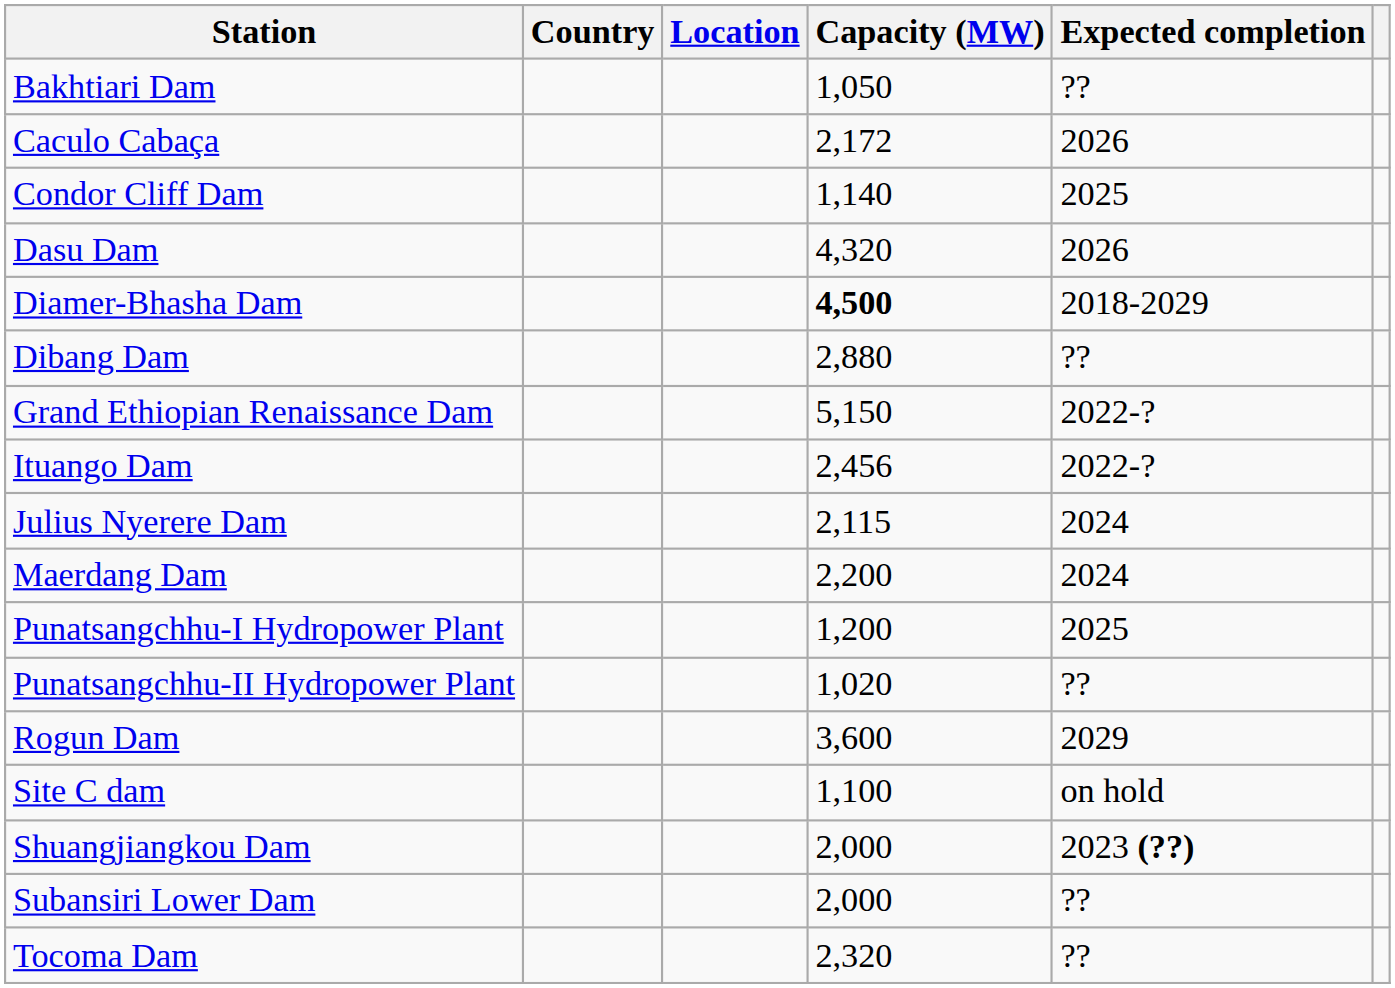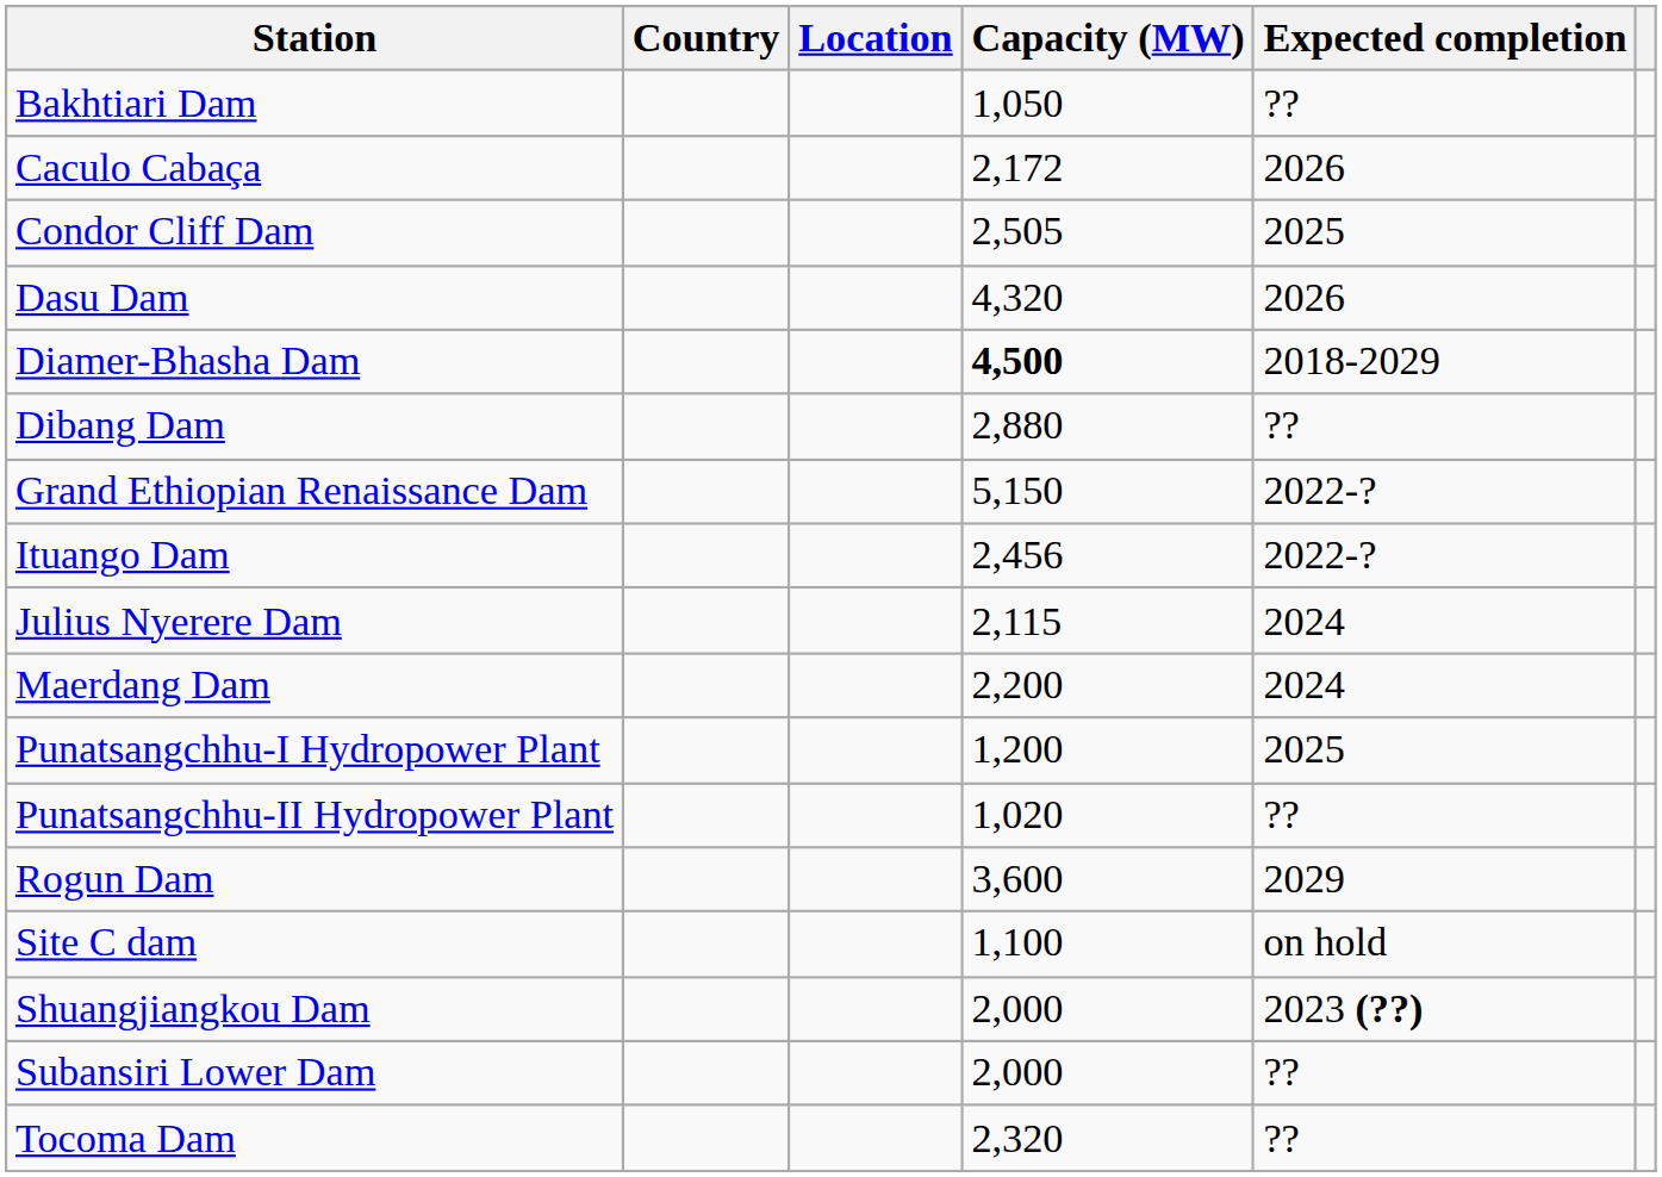 <table class="wikitable sortable">
 <tr>
 <th>Station</th>
 <th>Country</th>
 <th><a href='#'>Location</a></th>
 <th>Capacity (<a href='#'>MW</a>)</th>
 <th>Expected completion</th>
 <th></th>
 </tr>
 <tr>
 <td><a href='#'>Bakhtiari Dam</a></td>
 <td></td>
 <td></td>
 <td>1,050</td>
 <td>??</td>
 <td><br></td>
 </tr>
 <tr>
 <td><a href='#'>Caculo Cabaça</a></td>
 <td></td>
 <td></td>
 <td>2,172</td>
 <td>2026</td>
 <td></td>
 </tr>
 <tr>
 <td><a href='#'>Condor Cliff Dam</a></td>
 <td></td>
 <td></td>
-<td>1,140</td>
+<td>2,505</td>
 <td>2025</td>
 <td></td>
 </tr>
 <tr>
 <td><a href='#'>Dasu Dam</a></td>
 <td></td>
 <td></td>
 <td>4,320</td>
 <td>2026</td>
 <td></td>
 </tr>
 <tr>
 <td><a href='#'>Diamer-Bhasha Dam</a></td>
 <td></td>
 <td></td>
 <td><strong>4,500</strong></td>
 <td>2018-2029</td>
 <td></td>
 </tr>
 <tr>
 <td><a href='#'>Dibang Dam</a></td>
 <td></td>
 <td></td>
 <td>2,880</td>
 <td>??</td>
 <td></td>
 </tr>
 <tr>
 <td><a href='#'>Grand Ethiopian Renaissance Dam</a></td>
 <td></td>
 <td></td>
 <td>5,150</td>
 <td>2022-?</td>
 <td></td>
 </tr>
 <tr>
 <td><a href='#'>Ituango Dam</a></td>
 <td></td>
 <td></td>
 <td>2,456</td>
 <td>2022-?</td>
 <td></td>
 </tr>
 <tr>
 <td><a href='#'>Julius Nyerere Dam</a></td>
 <td></td>
 <td></td>
 <td>2,115</td>
 <td>2024</td>
 <td></td>
 </tr>
 <tr>
 <td><a href='#'>Maerdang Dam</a></td>
 <td></td>
 <td></td>
 <td>2,200</td>
 <td>2024</td>
 <td><br> </td>
 </tr>
 <tr>
 <td><a href='#'>Punatsangchhu-I Hydropower Plant</a></td>
 <td></td>
 <td></td>
 <td>1,200</td>
 <td>2025</td>
 <td></td>
 </tr>
 <tr>
 <td><a href='#'>Punatsangchhu-II Hydropower Plant</a></td>
 <td></td>
 <td></td>
 <td>1,020</td>
 <td>??</td>
 <td></td>
 </tr>
 <tr>
 <td><a href='#'>Rogun Dam</a></td>
 <td></td>
 <td></td>
 <td>3,600</td>
 <td>2029</td>
 <td></td>
 </tr>
 <tr>
 <td><a href='#'>Site C dam</a></td>
 <td></td>
 <td></td>
 <td>1,100</td>
 <td>on hold</td>
 <td></td>
 </tr>
 <tr>
 <td><a href='#'>Shuangjiangkou Dam</a></td>
 <td></td>
 <td></td>
 <td>2,000</td>
 <td>2023 <strong>(??)</strong></td>
 <td></td>
 </tr>
 <tr>
 <td><a href='#'>Subansiri Lower Dam</a></td>
 <td></td>
 <td></td>
 <td>2,000</td>
 <td>??</td>
 <td><br></td>
 </tr>
 <tr>
 <td><a href='#'>Tocoma Dam</a></td>
 <td></td>
 <td></td>
 <td>2,320</td>
 <td>??</td>
 <td></td>
 </tr>
 <tr>
 </tr>
 </table>
